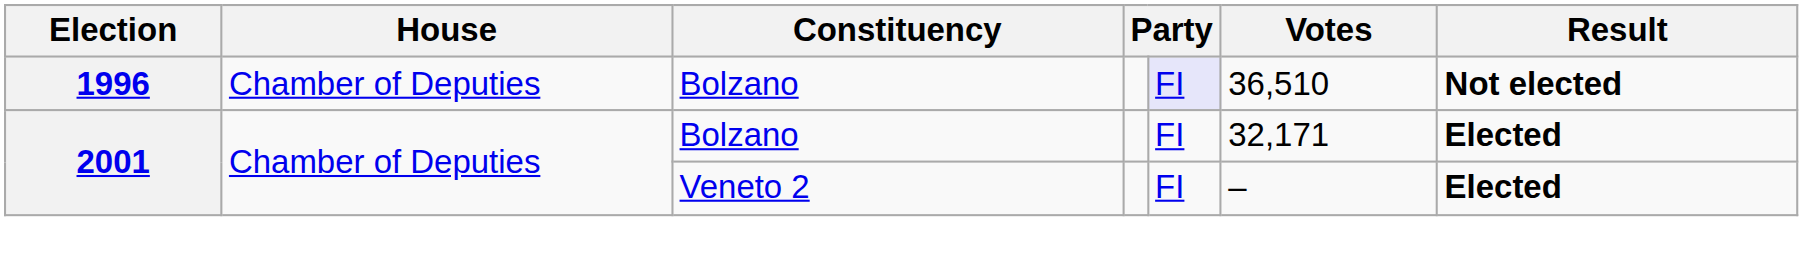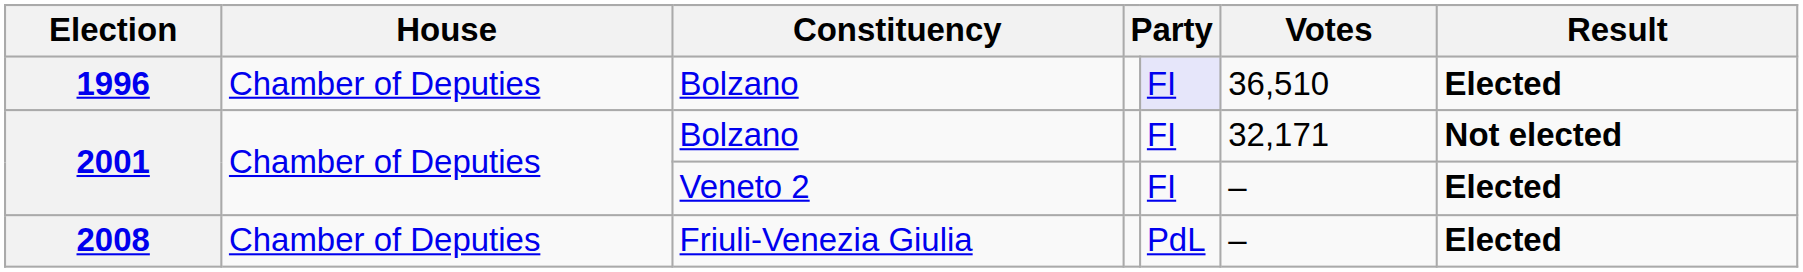 <table class=wikitable style="width:55%; border:1px #AAAAFF solid">
 <tr>
 <th width=12%>Election</th>
 <th width=25%>House</th>
 <th width=25%>Constituency</th>
 <th width=5% colspan="2">Party</th>
 <th width=12%>Votes</th>
 <th width=20%>Result</th>
 </tr>
 <tr>
 <th><a href='#'>1996</a></th>
 <td><a href='#'>Chamber of Deputies</a></td>
 <td><a href='#'>Bolzano</a></td>
 <td></td>
 <td style="background: lavender;"><a href='#'>FI</a></td>
 <td>36,510</td>
-<td> <strong>Not elected</strong></td>
+<td> <strong>Elected</strong></td>
 </tr>
 <tr>
 <th rowspan=2><a href='#'>2001</a></th>
 <td rowspan=2><a href='#'>Chamber of Deputies</a></td>
 <td><a href='#'>Bolzano</a></td>
 <td></td>
 <td><a href='#'>FI</a></td>
 <td>32,171</td>
-<td> <strong>Elected</strong></td>
+<td> <strong>Not elected</strong></td>
 </tr>
 <tr>
 <td><a href='#'>Veneto 2</a></td>
 <td></td>
 <td><a href='#'>FI</a></td>
 <td>–</td>
 <td> <strong>Elected</strong></td>
 </tr>
+<tr>
+<th><a href='#'>2008</a></th>
+<td><a href='#'>Chamber of Deputies</a></td>
+<td><a href='#'>Friuli-Venezia Giulia</a></td>
+<td></td>
+<td><a href='#'>PdL</a></td>
+<td>–</td>
+<td> <strong>Elected</strong></td>
+</tr>
 </table>
